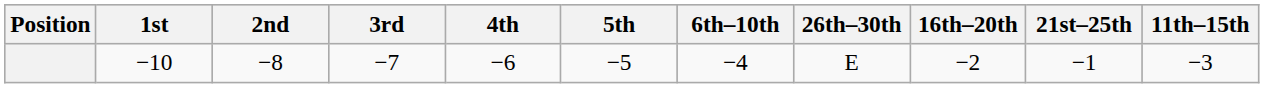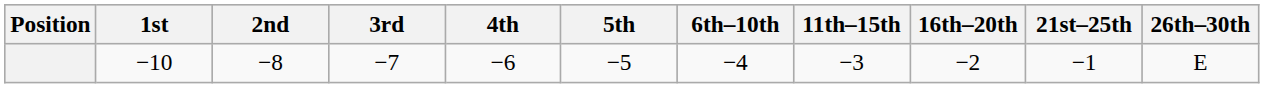 <table class="wikitable" style="font-size:90%;text-align:center">
 <tr>
 <th style="text-align:left">Position</th>
 <th style="width:65px;">1st</th>
 <th style="width:65px;">2nd</th>
 <th style="width:65px;">3rd</th>
 <th style="width:65px;">4th</th>
 <th style="width:65px;">5th</th>
 <th style="width:65px;">6th–10th</th>
-<th style="width:65px;">26th–30th</th>
+<th style="width:65px;">11th–15th</th>
 <th style="width:65px;">16th–20th</th>
 <th style="width:65px;">21st–25th</th>
-<th style="width:65px;">11th–15th</th>
+<th style="width:65px;">26th–30th</th>
 </tr>
 <tr>
 <th style="text-align:left"></th>
 <td>−10</td>
 <td>−8</td>
 <td>−7</td>
 <td>−6</td>
 <td>−5</td>
 <td>−4</td>
-<td>E</td>
+<td>−3</td>
 <td>−2</td>
 <td>−1</td>
-<td>−3</td>
+<td>E</td>
 </tr>
 </table>
